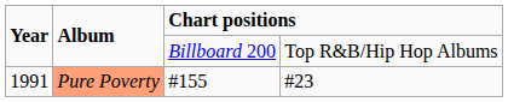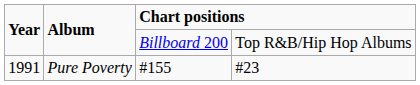 <table class="wikitable">
 <tr>
 <td rowspan="2"><strong>Year</strong></td>
 <td rowspan="2"><strong>Album</strong></td>
 <td colspan="3"><strong>Chart positions</strong></td>
 </tr>
 <tr>
 <td><a href='#'><em>Billboard</em> 200</a></td>
 <td>Top R&B/Hip Hop Albums</td>
 </tr>
 <tr>
 <td>1991</td>
-<td style="background: lightsalmon;"><em>Pure Poverty</em></td>
+<td><em>Pure Poverty</em></td>
 <td>#155</td>
 <td>#23</td>
 </tr>
 </table>
